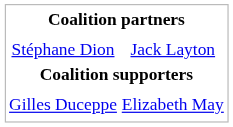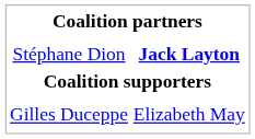 <table style="border: solid 1px #bbb; margin: 0 0 0 1.4em; float:right; font-size:90%; text-align:center">
 <tr>
 <th colspan="2">Coalition partners</th>
 </tr>
 <tr>
 <td></td>
 <td></td>
 </tr>
 <tr>
 <td><a href='#'>Stéphane Dion</a></td>
-<td><a href='#'>Jack Layton</a></td>
+<td><strong><a href='#'>Jack Layton</a></strong></td>
 </tr>
 <tr>
 <th colspan="2">Coalition supporters</th>
 </tr>
 <tr>
 <td></td>
 <td></td>
 </tr>
 <tr>
 <td><a href='#'>Gilles Duceppe</a></td>
 <td><a href='#'>Elizabeth May</a></td>
 </tr>
 <tr>
 </tr>
 </table>
